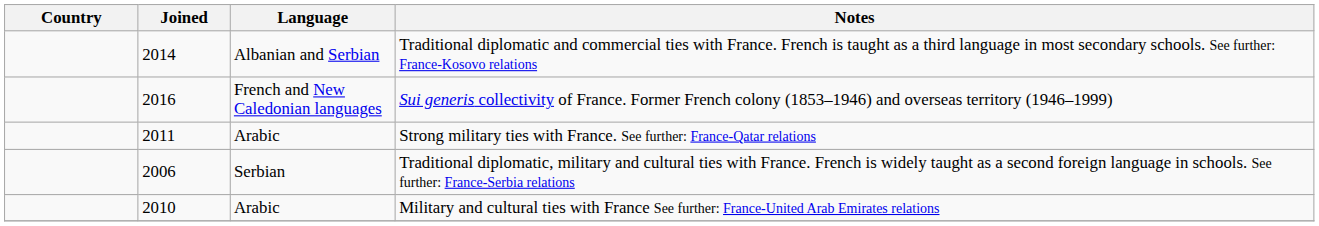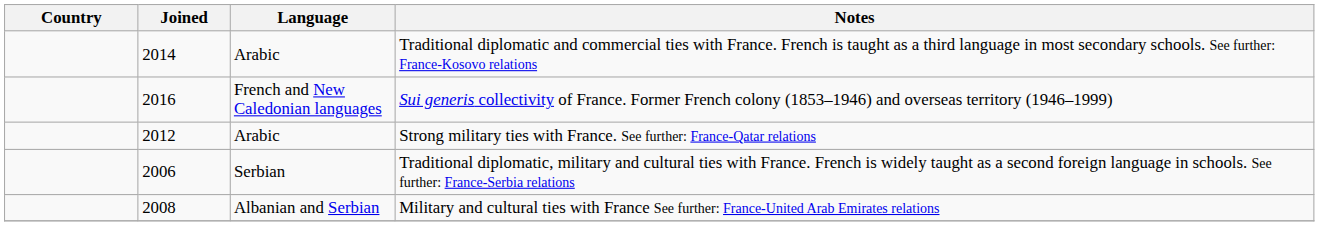 <table class="wikitable sortable">
 <tr>
 <th style="width:120px;">Country</th>
 <th width="80">Joined</th>
 <th style="width:150px;">Language</th>
 <th>Notes</th>
 </tr>
 <tr>
 <td></td>
 <td>2014</td>
-<td>Albanian and <a href='#'>Serbian</a></td>
+<td>Arabic</td>
 <td>Traditional diplomatic and commercial ties with France. French is taught as a third language in most secondary schools. <small>See further: <a href='#'>France-Kosovo relations</a></small></td>
 </tr>
 <tr>
 <td></td>
 <td>2016</td>
 <td>French and <a href='#'>New Caledonian languages</a></td>
 <td><a href='#'><em>Sui generis</em> collectivity</a> of France. Former French colony (1853–1946) and overseas territory (1946–1999)</td>
 </tr>
 <tr>
 <td></td>
-<td>2011</td>
+<td>2012</td>
 <td>Arabic</td>
 <td>Strong military ties with France. <small>See further: <a href='#'>France-Qatar relations</a></small></td>
 </tr>
 <tr>
 <td></td>
 <td>2006</td>
 <td>Serbian</td>
 <td>Traditional diplomatic, military and cultural ties with France. French is widely taught as a second foreign language in schools. <small>See further: <a href='#'>France-Serbia relations</a></small></td>
 </tr>
 <tr>
 <td></td>
-<td>2010</td>
-<td>Arabic</td>
+<td>2008</td>
+<td>Albanian and <a href='#'>Serbian</a></td>
 <td>Military and cultural ties with France <small>See further: <a href='#'>France-United Arab Emirates relations</a></small></td>
 </tr>
 <tr>
 </tr>
 </table>
